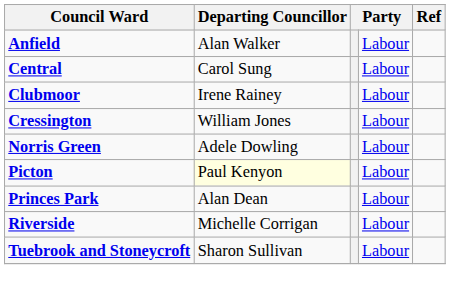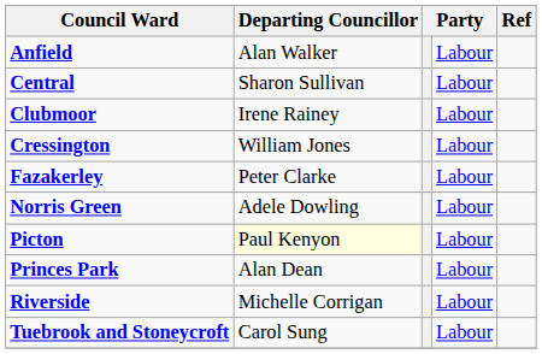 <table class="wikitable sortable">
 <tr>
 <th>Council Ward</th>
 <th>Departing Councillor</th>
 <th colspan="2">Party</th>
 <th>Ref</th>
 </tr>
 <tr>
 <td align="left"><strong><a href='#'>Anfield</a></strong></td>
 <td align="left">Alan Walker</td>
 <th style="background-color: "></th>
 <td><a href='#'>Labour</a></td>
 <td align = center></td>
 </tr>
 <tr>
 <td align="left"><strong><a href='#'>Central</a></strong></td>
-<td align="left">Carol Sung</td>
+<td align="left">Sharon Sullivan</td>
 <th style="background-color: "></th>
 <td><a href='#'>Labour</a></td>
 <td align = center></td>
 </tr>
 <tr>
 <td align="left"><strong><a href='#'>Clubmoor</a></strong></td>
 <td align="left">Irene Rainey</td>
 <th style="background-color: "></th>
 <td><a href='#'>Labour</a></td>
 <td align = center></td>
 </tr>
 <tr>
 <td align="left"><strong><a href='#'>Cressington</a></strong></td>
 <td align="left">William Jones</td>
+<th style="background-color: "></th>
+<td><a href='#'>Labour</a></td>
+<td align = center></td>
+</tr>
+<tr>
+<td align="left"><strong><a href='#'>Fazakerley</a></strong></td>
+<td align="left">Peter Clarke</td>
 <th style="background-color: "></th>
 <td><a href='#'>Labour</a></td>
 <td align = center></td>
 </tr>
 <tr>
 <td align="left"><strong><a href='#'>Norris Green</a></strong></td>
 <td align="left">Adele Dowling</td>
 <th style="background-color: "></th>
 <td><a href='#'>Labour</a></td>
 <td align = center></td>
 </tr>
 <tr>
 <td align="left"><strong><a href='#'>Picton</a></strong></td>
 <td align="left" style="background: lightyellow;">Paul Kenyon</td>
 <th style="background-color: "></th>
 <td><a href='#'>Labour</a></td>
 <td align = center></td>
 </tr>
 <tr>
 <td align="left"><strong><a href='#'>Princes Park</a></strong></td>
 <td align="left">Alan Dean</td>
 <th style="background-color: "></th>
 <td><a href='#'>Labour</a></td>
 <td align = center></td>
 </tr>
 <tr>
 <td align="left"><strong><a href='#'>Riverside</a></strong></td>
 <td align="left">Michelle Corrigan</td>
 <th style="background-color: "></th>
 <td><a href='#'>Labour</a></td>
 <td align = center></td>
 </tr>
 <tr>
 <td align="left"><strong><a href='#'>Tuebrook and Stoneycroft</a></strong></td>
-<td align="left">Sharon Sullivan</td>
+<td align="left">Carol Sung</td>
 <th style="background-color: "></th>
 <td><a href='#'>Labour</a></td>
 <td align = center></td>
 </tr>
 <tr>
 </tr>
 </table>
